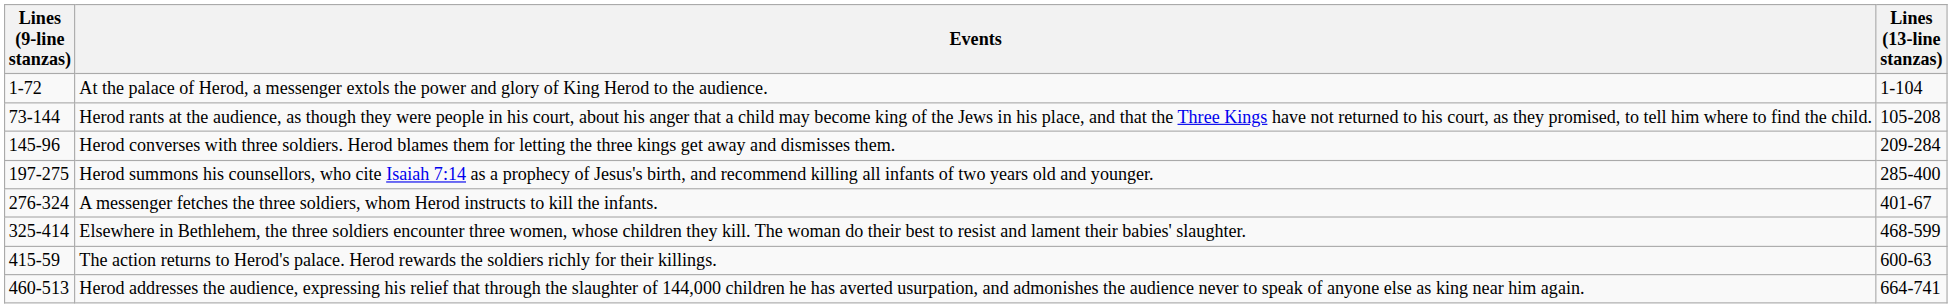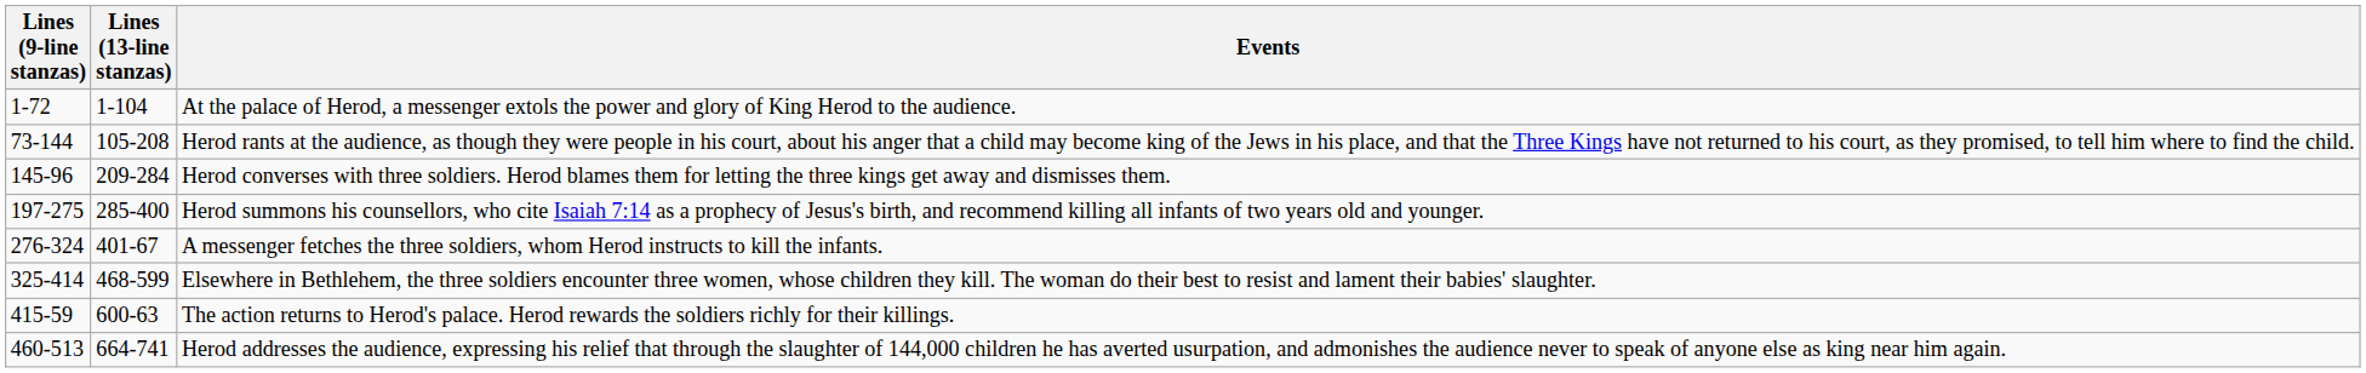 <table class="wikitable">
 <tr>
 <th>Lines<br>(9-line<br>stanzas)</th>
+<th>Lines<br>(13-line<br>stanzas)</th>
 <th>Events</th>
-<th>Lines<br>(13-line<br>stanzas)</th>
 </tr>
 <tr>
 <td>1-72</td>
+<td>1-104</td>
 <td>At the palace of Herod, a messenger extols the power and glory of King Herod to the audience.</td>
-<td>1-104</td>
 </tr>
 <tr>
 <td>73-144</td>
+<td>105-208</td>
 <td>Herod rants at the audience, as though they were people in his court, about his anger that a child may become king of the Jews in his place, and that the <a href='#'>Three Kings</a> have not returned to his court, as they promised, to tell him where to find the child.</td>
-<td>105-208</td>
 </tr>
 <tr>
 <td>145-96</td>
+<td>209-284</td>
 <td>Herod converses with three soldiers. Herod blames them for letting the three kings get away and dismisses them.</td>
-<td>209-284</td>
 </tr>
 <tr>
 <td>197-275</td>
+<td>285-400</td>
 <td>Herod summons his counsellors, who cite <a href='#'>Isaiah 7:14</a> as a prophecy of Jesus's birth, and recommend killing all infants of two years old and younger.</td>
-<td>285-400</td>
 </tr>
 <tr>
 <td>276-324</td>
+<td>401-67</td>
 <td>A messenger fetches the three soldiers, whom Herod instructs to kill the infants.</td>
-<td>401-67</td>
 </tr>
 <tr>
 <td>325-414</td>
+<td>468-599</td>
 <td>Elsewhere in Bethlehem, the three soldiers encounter three women, whose children they kill. The woman do their best to resist and lament their babies' slaughter.</td>
-<td>468-599</td>
 </tr>
 <tr>
 <td>415-59</td>
+<td>600-63</td>
 <td>The action returns to Herod's palace. Herod rewards the soldiers richly for their killings.</td>
-<td>600-63</td>
 </tr>
 <tr>
 <td>460-513</td>
+<td>664-741</td>
 <td>Herod addresses the audience, expressing his relief that through the slaughter of 144,000 children he has averted usurpation, and admonishes the audience never to speak of anyone else as king near him again.</td>
-<td>664-741</td>
 </tr>
 </table>
